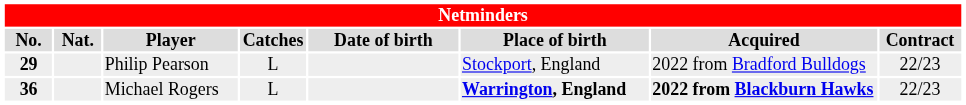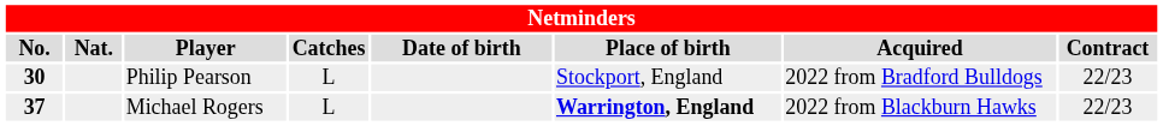 <table class="toccolours"  style="width:97%; clear:both; margin:1.5em auto; text-align:center;">
 <tr>
 <th colspan="10" style="background:red; color:white;”">Netminders</th>
 </tr>
 <tr style="background:#ddd;">
 <th width=5%>No.</th>
 <th width=5%>Nat.</th>
 <th !width=22%>Player</th>
 <th width=7%>Catches</th>
 <th width=16%>Date of birth</th>
 <th width=20%>Place of birth</th>
 <th width=24%>Acquired</th>
 <td><strong>Contract</strong></td>
 </tr>
 <tr style="background:#eee;">
-<td><strong>29</strong></td>
+<td><strong>30</strong></td>
 <td></td>
 <td align=left>Philip Pearson</td>
 <td>L</td>
 <td align=left></td>
 <td align=left><a href='#'>Stockport</a>, England</td>
 <td align=left>2022 from <a href='#'>Bradford Bulldogs</a></td>
 <td>22/23</td>
 </tr>
 <tr style="background:#eee;">
-<td><strong>36</strong></td>
+<td><strong>37</strong></td>
 <td></td>
 <td align=left>Michael Rogers</td>
 <td>L</td>
 <td align=left></td>
 <td align=left><strong><a href='#'>Warrington</a>, England</strong></td>
-<td align=left><strong>2022 from <a href='#'>Blackburn Hawks</a></strong></td>
+<td align=left>2022 from <a href='#'>Blackburn Hawks</a></td>
 <td>22/23</td>
 </tr>
 </table>
